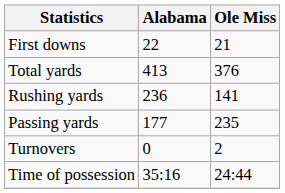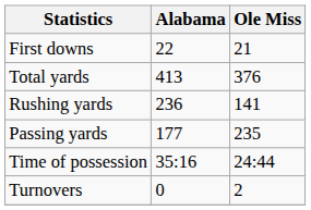 <table class="wikitable" style="float: left;">
 <tr>
 <th>Statistics</th>
 <th>Alabama</th>
 <th>Ole Miss</th>
 </tr>
 <tr>
 <td>First downs</td>
 <td>22</td>
 <td>21</td>
 </tr>
 <tr>
 <td>Total yards</td>
 <td>413</td>
 <td>376</td>
 </tr>
 <tr>
 <td>Rushing yards</td>
 <td>236</td>
 <td>141</td>
 </tr>
 <tr>
 <td>Passing yards</td>
 <td>177</td>
 <td>235</td>
 </tr>
 <tr>
+<td>Time of possession</td>
+<td>35:16</td>
+<td>24:44</td>
+</tr>
+<tr>
 <td>Turnovers</td>
 <td>0</td>
 <td>2</td>
 </tr>
 <tr>
-<td>Time of possession</td>
-<td>35:16</td>
-<td>24:44</td>
-</tr>
-<tr>
 </tr>
 </table>
